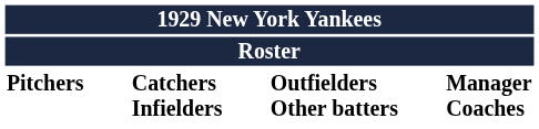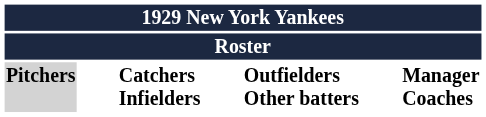 <table class="toccolours" style="font-size: 95%;">
 <tr>
 <th colspan="10" style="background-color: #1c2841; color: white; text-align: center;">1929 New York Yankees</th>
 </tr>
 <tr>
 <td colspan="10" style="background-color: #1c2841; color: white; text-align: center;"><strong>Roster</strong></td>
 </tr>
 <tr>
-<td valign="top"><strong>Pitchers</strong><br>           </td>
+<td valign="top" style="background: lightgrey;"><strong>Pitchers</strong><br>           </td>
 <td width="25px"></td>
 <td valign="top"><strong>Catchers</strong><br>    <strong>Infielders</strong>       </td>
 <td width="25px"></td>
 <td valign="top"><strong>Outfielders</strong><br>      <strong>Other batters</strong>  </td>
 <td width="25px"></td>
 <td valign="top"><strong>Manager</strong><br>  <strong>Coaches</strong>    </td>
 </tr>
 </table>
